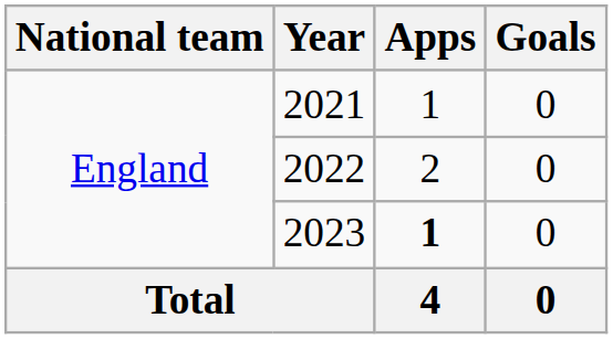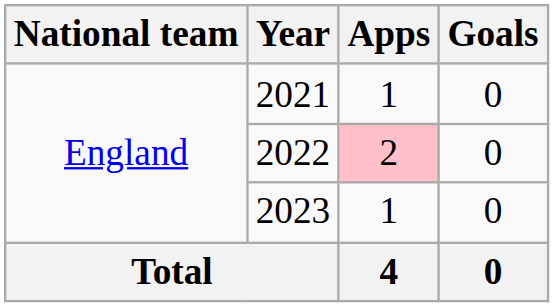 <table class="wikitable" style="text-align:center">
 <tr>
 <th>National team</th>
 <th>Year</th>
 <th>Apps</th>
 <th>Goals</th>
 </tr>
 <tr>
 <td rowspan="3"><a href='#'>England</a></td>
 <td>2021</td>
 <td>1</td>
 <td>0</td>
 </tr>
 <tr>
 <td>2022</td>
-<td>2</td>
+<td style="background: pink;">2</td>
 <td>0</td>
 </tr>
 <tr>
 <td>2023</td>
-<td><strong>1</strong></td>
+<td>1</td>
 <td>0</td>
 </tr>
 <tr>
 <th colspan="2">Total</th>
 <th>4</th>
 <th>0</th>
 </tr>
 </table>
